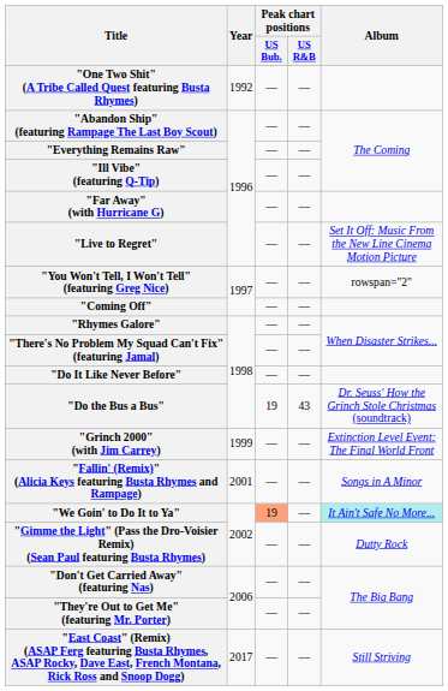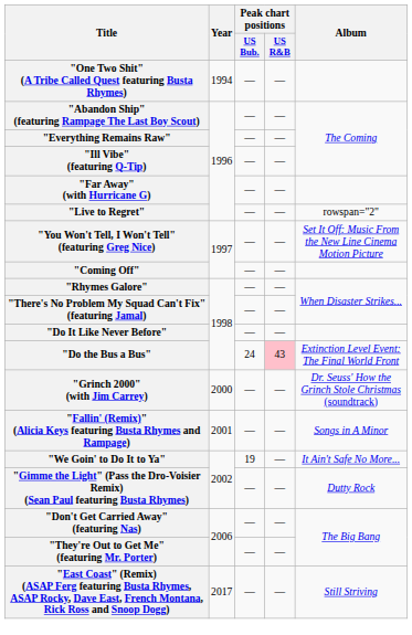 <table class="wikitable plainrowheaders" style="text-align:center;">
 <tr>
 <th scope="col" rowspan="2" style="width:24em;">Title</th>
 <th scope="col" rowspan="2">Year</th>
 <th scope="col" colspan="2">Peak chart positions</th>
 <th scope="col" rowspan="2" style="width:12em;">Album</th>
 </tr>
 <tr>
 <th scope="col" style="width:2.9em;font-size:90%;"><a href='#'>US<br>Bub.</a><br></th>
 <th scope="col" style="width:2.9em;font-size:90%;"><a href='#'>US<br>R&B</a><br></th>
 </tr>
 <tr>
 <th scope="row">"One Two Shit"<br><span>(<a href='#'>A Tribe Called Quest</a> featuring <a href='#'>Busta Rhymes</a>)</span></th>
-<td>1992</td>
+<td>1994</td>
 <td>—</td>
 <td>—</td>
 <td></td>
 </tr>
 <tr>
 <th scope="row">"Abandon Ship"<br><span>(featuring <a href='#'>Rampage The Last Boy Scout</a>)</span></th>
 <td rowspan="5">1996</td>
 <td>—</td>
 <td>—</td>
 <td rowspan="3"><em><a href='#'>The Coming</a></em></td>
 </tr>
 <tr>
 <th scope="row">"Everything Remains Raw"</th>
 <td>—</td>
 <td>—</td>
 </tr>
 <tr>
 <th scope="row">"Ill Vibe"<br><span>(featuring <a href='#'>Q-Tip</a>)</span></th>
 <td>—</td>
 <td>—</td>
 </tr>
 <tr>
 <th scope="row">"Far Away"<br><span>(with <a href='#'>Hurricane G</a>)</span></th>
 <td>—</td>
 <td>—</td>
 <td></td>
 </tr>
 <tr>
 <th scope="row">"Live to Regret"</th>
 <td>—</td>
 <td>—</td>
-<td><em><a href='#'>Set It Off: Music From the New Line Cinema Motion Picture</a></em></td>
+<td>rowspan="2" </td>
 </tr>
 <tr>
 <th scope="row">"You Won't Tell, I Won't Tell"<br><span>(featuring <a href='#'>Greg Nice</a>)</span></th>
 <td rowspan="2">1997</td>
 <td>—</td>
 <td>—</td>
-<td>rowspan="2" </td>
+<td><em><a href='#'>Set It Off: Music From the New Line Cinema Motion Picture</a></em></td>
 </tr>
 <tr>
 <th scope="row">"Coming Off"</th>
 <td>—</td>
 <td>—</td>
 </tr>
 <tr>
 <th scope="row">"Rhymes Galore"</th>
 <td rowspan="4">1998</td>
 <td>—</td>
 <td>—</td>
 <td rowspan="2"><em><a href='#'>When Disaster Strikes...</a></em></td>
 </tr>
 <tr>
 <th scope="row">"There's No Problem My Squad Can't Fix"<br><span>(featuring <a href='#'>Jamal</a>)</span></th>
 <td>—</td>
 <td>—</td>
 </tr>
 <tr>
 <th scope="row">"Do It Like Never Before"</th>
 <td>—</td>
 <td>—</td>
 <td></td>
 </tr>
 <tr>
 <th scope="row">"Do the Bus a Bus"</th>
-<td>19</td>
-<td>43</td>
-<td><a href='#'><em>Dr. Seuss' How the Grinch Stole Christmas</em> (soundtrack)</a></td>
+<td>24</td>
+<td style="background: pink;">43</td>
+<td><em><a href='#'>Extinction Level Event: The Final World Front</a></em></td>
 </tr>
 <tr>
 <th scope="row">"Grinch 2000"<br><span>(with <a href='#'>Jim Carrey</a>)</span></th>
-<td>1999</td>
+<td>2000</td>
 <td>—</td>
 <td>—</td>
-<td><em><a href='#'>Extinction Level Event: The Final World Front</a></em></td>
+<td><a href='#'><em>Dr. Seuss' How the Grinch Stole Christmas</em> (soundtrack)</a></td>
 </tr>
 <tr>
 <th scope="row">"<a href='#'>Fallin' (Remix)</a>"<br><span>(<a href='#'>Alicia Keys</a> featuring <a href='#'>Busta Rhymes</a> and <a href='#'>Rampage</a>)</span></th>
 <td>2001</td>
 <td>—</td>
 <td>—</td>
 <td><em><a href='#'>Songs in A Minor</a></em></td>
 </tr>
 <tr>
 <th scope="row">"We Goin' to Do It to Ya"</th>
 <td rowspan="2">2002</td>
-<td style="background: lightsalmon;">19</td>
+<td>19</td>
 <td>—</td>
-<td style="background: paleturquoise;"><em><a href='#'>It Ain't Safe No More...</a></em></td>
+<td><em><a href='#'>It Ain't Safe No More...</a></em></td>
 </tr>
 <tr>
 <th scope="row">"<a href='#'>Gimme the Light</a>" (Pass the Dro-Voisier Remix)<br><span>(<a href='#'>Sean Paul</a> featuring <a href='#'>Busta Rhymes</a>)</span></th>
 <td>—</td>
 <td>—</td>
 <td><em><a href='#'>Dutty Rock</a></em></td>
 </tr>
 <tr>
 <th scope="row">"Don't Get Carried Away"<br><span>(featuring <a href='#'>Nas</a>)</span></th>
 <td rowspan="2">2006</td>
 <td>—</td>
 <td>—</td>
 <td rowspan="2"><em><a href='#'>The Big Bang</a></em></td>
 </tr>
 <tr>
 <th scope="row">"They're Out to Get Me"<br><span>(featuring <a href='#'>Mr. Porter</a>)</span></th>
 <td>—</td>
 <td>—</td>
 </tr>
 <tr>
 <th scope="row">"<a href='#'>East Coast</a>" (Remix)<br><span>(<a href='#'>ASAP Ferg</a> featuring <a href='#'>Busta Rhymes</a>, <a href='#'>ASAP Rocky</a>, <a href='#'>Dave East</a>, <a href='#'>French Montana</a>, <a href='#'>Rick Ross</a> and <a href='#'>Snoop Dogg</a>)</span></th>
 <td>2017</td>
 <td>—</td>
 <td>—</td>
 <td><em><a href='#'>Still Striving</a></em></td>
 </tr>
 </table>
